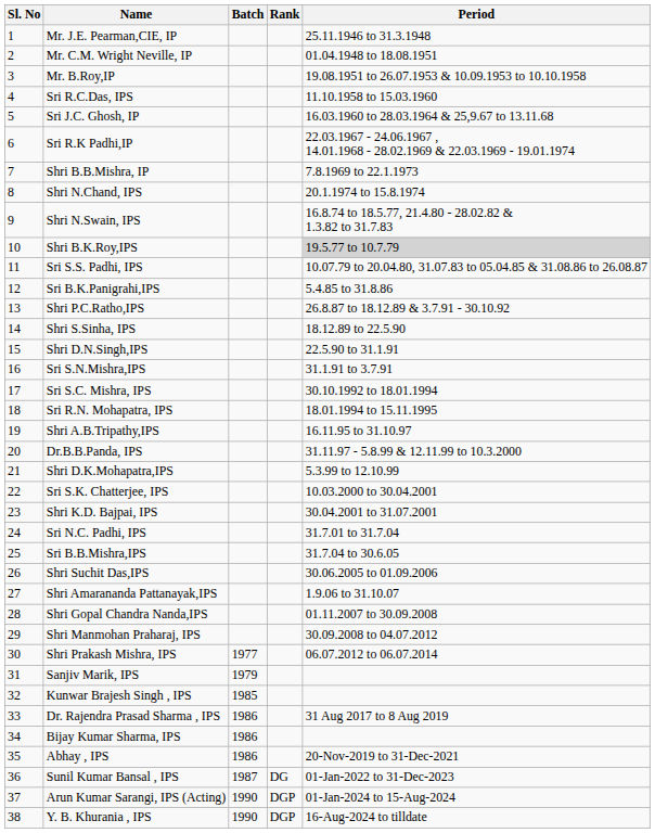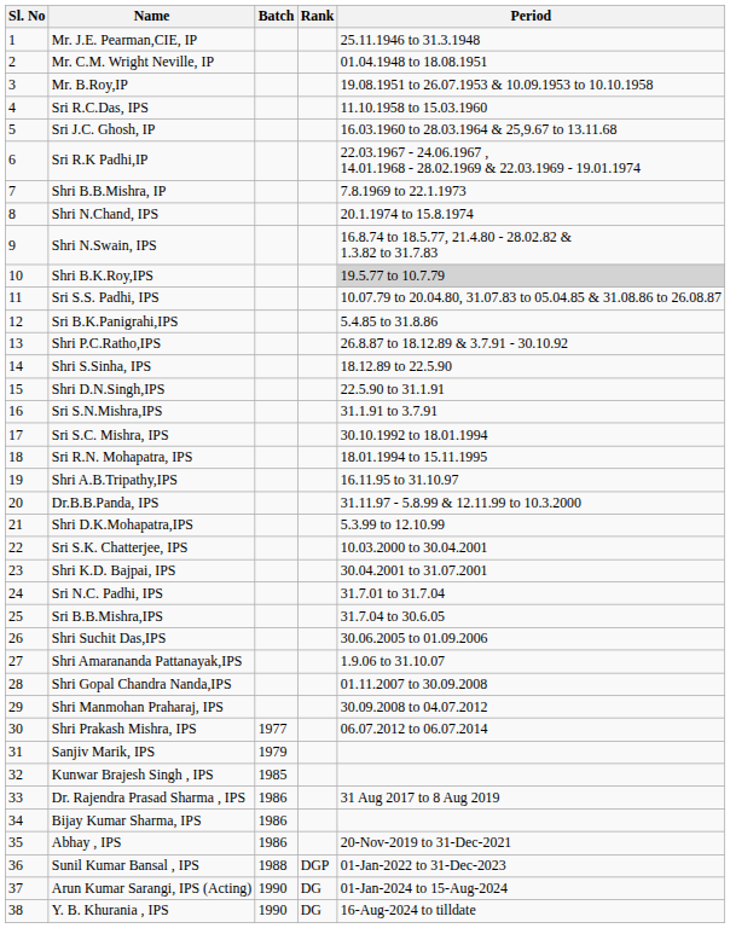 <table class="wikitable">
 <tr>
 <th>Sl. No</th>
 <th>Name</th>
 <th>Batch</th>
 <th>Rank</th>
 <th>Period</th>
 </tr>
 <tr>
 <td>1</td>
 <td>Mr. J.E. Pearman,CIE, IP</td>
 <td></td>
 <td></td>
 <td>25.11.1946 to 31.3.1948</td>
 </tr>
 <tr>
 <td>2</td>
 <td>Mr. C.M. Wright Neville, IP</td>
 <td></td>
 <td></td>
 <td>01.04.1948 to 18.08.1951</td>
 </tr>
 <tr>
 <td>3</td>
 <td>Mr. B.Roy,IP</td>
 <td></td>
 <td></td>
 <td>19.08.1951 to 26.07.1953 & 10.09.1953 to 10.10.1958</td>
 </tr>
 <tr>
 <td>4</td>
 <td>Sri R.C.Das, IPS</td>
 <td></td>
 <td></td>
 <td>11.10.1958 to 15.03.1960</td>
 </tr>
 <tr>
 <td>5</td>
 <td>Sri J.C. Ghosh, IP</td>
 <td></td>
 <td></td>
 <td>16.03.1960 to 28.03.1964 & 25,9.67 to 13.11.68</td>
 </tr>
 <tr>
 <td>6</td>
 <td>Sri R.K Padhi,IP</td>
 <td></td>
 <td></td>
 <td>22.03.1967 - 24.06.1967 ,<br>14.01.1968 - 28.02.1969 & 22.03.1969 - 19.01.1974</td>
 </tr>
 <tr>
 <td>7</td>
 <td>Shri B.B.Mishra, IP</td>
 <td></td>
 <td></td>
 <td>7.8.1969 to 22.1.1973</td>
 </tr>
 <tr>
 <td>8</td>
 <td>Shri N.Chand, IPS</td>
 <td></td>
 <td></td>
 <td>20.1.1974 to 15.8.1974</td>
 </tr>
 <tr>
 <td>9</td>
 <td>Shri N.Swain, IPS</td>
 <td></td>
 <td></td>
 <td>16.8.74 to 18.5.77, 21.4.80 - 28.02.82 &<br>1.3.82 to 31.7.83</td>
 </tr>
 <tr>
 <td>10</td>
 <td>Shri B.K.Roy,IPS</td>
 <td></td>
 <td></td>
 <td style="background: lightgrey;">19.5.77 to 10.7.79</td>
 </tr>
 <tr>
 <td>11</td>
 <td>Sri S.S. Padhi, IPS</td>
 <td></td>
 <td></td>
 <td>10.07.79 to 20.04.80, 31.07.83 to 05.04.85 & 31.08.86 to 26.08.87</td>
 </tr>
 <tr>
 <td>12</td>
 <td>Sri B.K.Panigrahi,IPS</td>
 <td></td>
 <td></td>
 <td>5.4.85 to 31.8.86</td>
 </tr>
 <tr>
 <td>13</td>
 <td>Shri P.C.Ratho,IPS</td>
 <td></td>
 <td></td>
 <td>26.8.87 to 18.12.89 & 3.7.91 - 30.10.92</td>
 </tr>
 <tr>
 <td>14</td>
 <td>Shri S.Sinha, IPS</td>
 <td></td>
 <td></td>
 <td>18.12.89 to 22.5.90</td>
 </tr>
 <tr>
 <td>15</td>
 <td>Shri D.N.Singh,IPS</td>
 <td></td>
 <td></td>
 <td>22.5.90 to 31.1.91</td>
 </tr>
 <tr>
 <td>16</td>
 <td>Sri S.N.Mishra,IPS</td>
 <td></td>
 <td></td>
 <td>31.1.91 to 3.7.91</td>
 </tr>
 <tr>
 <td>17</td>
 <td>Sri S.C. Mishra, IPS</td>
 <td></td>
 <td></td>
 <td>30.10.1992 to 18.01.1994</td>
 </tr>
 <tr>
 <td>18</td>
 <td>Sri R.N. Mohapatra, IPS</td>
 <td></td>
 <td></td>
 <td>18.01.1994 to 15.11.1995</td>
 </tr>
 <tr>
 <td>19</td>
 <td>Shri A.B.Tripathy,IPS</td>
 <td></td>
 <td></td>
 <td>16.11.95 to 31.10.97</td>
 </tr>
 <tr>
 <td>20</td>
 <td>Dr.B.B.Panda, IPS</td>
 <td></td>
 <td></td>
 <td>31.11.97 - 5.8.99 & 12.11.99 to 10.3.2000</td>
 </tr>
 <tr>
 <td>21</td>
 <td>Shri D.K.Mohapatra,IPS</td>
 <td></td>
 <td></td>
 <td>5.3.99 to 12.10.99</td>
 </tr>
 <tr>
 <td>22</td>
 <td>Sri S.K. Chatterjee, IPS</td>
 <td></td>
 <td></td>
 <td>10.03.2000 to 30.04.2001</td>
 </tr>
 <tr>
 <td>23</td>
 <td>Shri K.D. Bajpai, IPS</td>
 <td></td>
 <td></td>
 <td>30.04.2001 to 31.07.2001</td>
 </tr>
 <tr>
 <td>24</td>
 <td>Sri N.C. Padhi, IPS</td>
 <td></td>
 <td></td>
 <td>31.7.01 to 31.7.04</td>
 </tr>
 <tr>
 <td>25</td>
 <td>Sri B.B.Mishra,IPS</td>
 <td></td>
 <td></td>
 <td>31.7.04 to 30.6.05</td>
 </tr>
 <tr>
 <td>26</td>
 <td>Shri Suchit Das,IPS</td>
 <td></td>
 <td></td>
 <td>30.06.2005 to 01.09.2006</td>
 </tr>
 <tr>
 <td>27</td>
 <td>Shri Amarananda Pattanayak,IPS</td>
 <td></td>
 <td></td>
 <td>1.9.06 to 31.10.07</td>
 </tr>
 <tr>
 <td>28</td>
 <td>Shri Gopal Chandra Nanda,IPS</td>
 <td></td>
 <td></td>
 <td>01.11.2007 to 30.09.2008</td>
 </tr>
 <tr>
 <td>29</td>
 <td>Shri Manmohan Praharaj, IPS</td>
 <td></td>
 <td></td>
 <td>30.09.2008 to 04.07.2012</td>
 </tr>
 <tr>
 <td>30</td>
 <td>Shri Prakash Mishra, IPS</td>
 <td>1977</td>
 <td></td>
 <td>06.07.2012 to 06.07.2014</td>
 </tr>
 <tr>
 <td>31</td>
 <td>Sanjiv Marik, IPS</td>
 <td>1979</td>
 <td></td>
 <td></td>
 </tr>
 <tr>
 <td>32</td>
 <td>Kunwar Brajesh Singh , IPS</td>
 <td>1985</td>
 <td></td>
 <td></td>
 </tr>
 <tr>
 <td>33</td>
 <td>Dr. Rajendra Prasad Sharma , IPS</td>
 <td>1986</td>
 <td></td>
 <td>31 Aug 2017 to 8 Aug 2019</td>
 </tr>
 <tr>
 <td>34</td>
 <td>Bijay Kumar Sharma, IPS</td>
 <td>1986</td>
 <td></td>
 <td></td>
 </tr>
 <tr>
 <td>35</td>
 <td>Abhay , IPS</td>
 <td>1986</td>
 <td></td>
 <td>20-Nov-2019 to 31-Dec-2021</td>
 </tr>
 <tr>
 <td>36</td>
 <td>Sunil Kumar Bansal , IPS</td>
-<td>1987</td>
-<td>DG</td>
+<td>1988</td>
+<td>DGP</td>
 <td>01-Jan-2022 to 31-Dec-2023</td>
 </tr>
 <tr>
 <td>37</td>
 <td>Arun Kumar Sarangi, IPS (Acting)</td>
 <td>1990</td>
-<td>DGP</td>
+<td>DG</td>
 <td>01-Jan-2024 to 15-Aug-2024</td>
 </tr>
 <tr>
 <td>38</td>
 <td>Y. B. Khurania , IPS</td>
 <td>1990</td>
-<td>DGP</td>
+<td>DG</td>
 <td>16-Aug-2024 to tilldate</td>
 </tr>
 </table>
